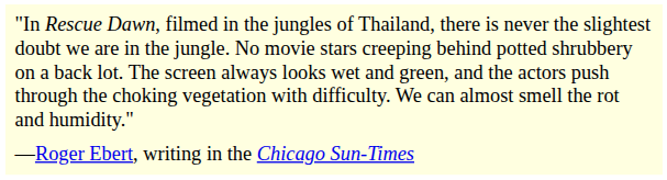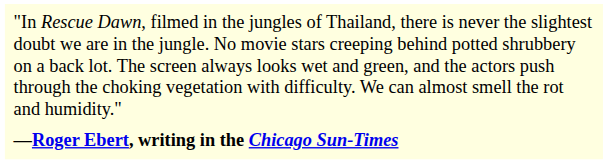 <table class="toccolours" style="float: right; margin-left: 1em; margin-right: 2em; font-size: 85%; background:#FFFFE0; color:black; width:40em; max-width: 35%;" cellspacing="5">
 <tr>
 <td style="text-align: left;">"In <em>Rescue Dawn</em>, filmed in the jungles of Thailand, there is never the slightest doubt we are in the jungle. No movie stars creeping behind potted shrubbery on a back lot. The screen always looks wet and green, and the actors push through the choking vegetation with difficulty. We can almost smell the rot and humidity."</td>
 </tr>
 <tr>
-<td style="text-align: left;">—<a href='#'>Roger Ebert</a>, writing in the <em><a href='#'>Chicago Sun-Times</a></em></td>
+<td style="text-align: left;"><strong>—<a href='#'>Roger Ebert</a>, writing in the <em><a href='#'>Chicago Sun-Times</a></em></strong></td>
 </tr>
 </table>
